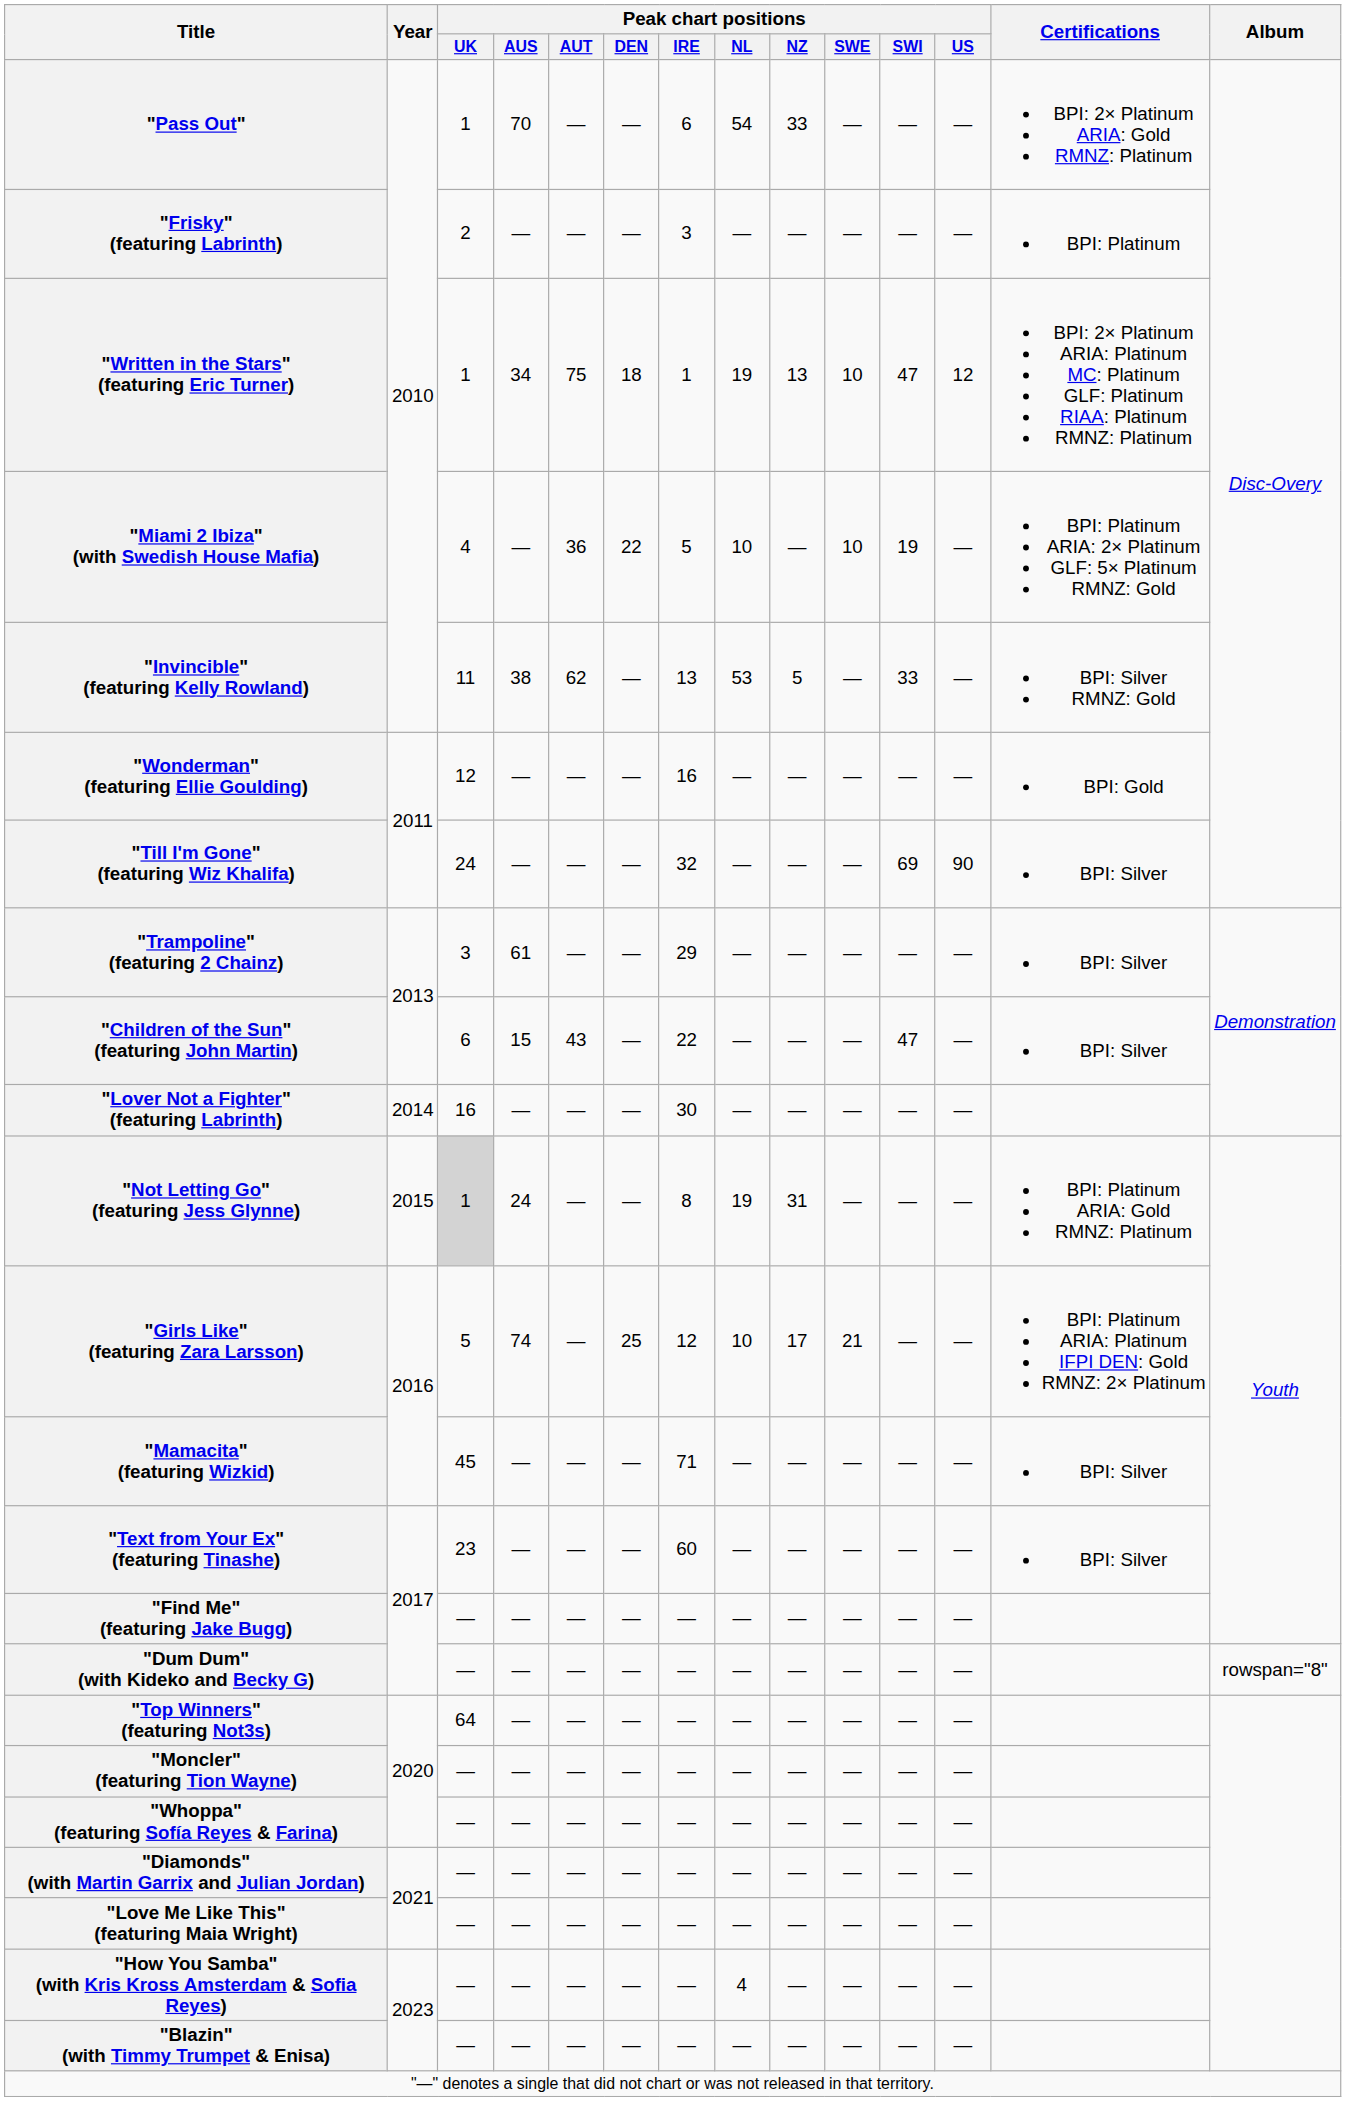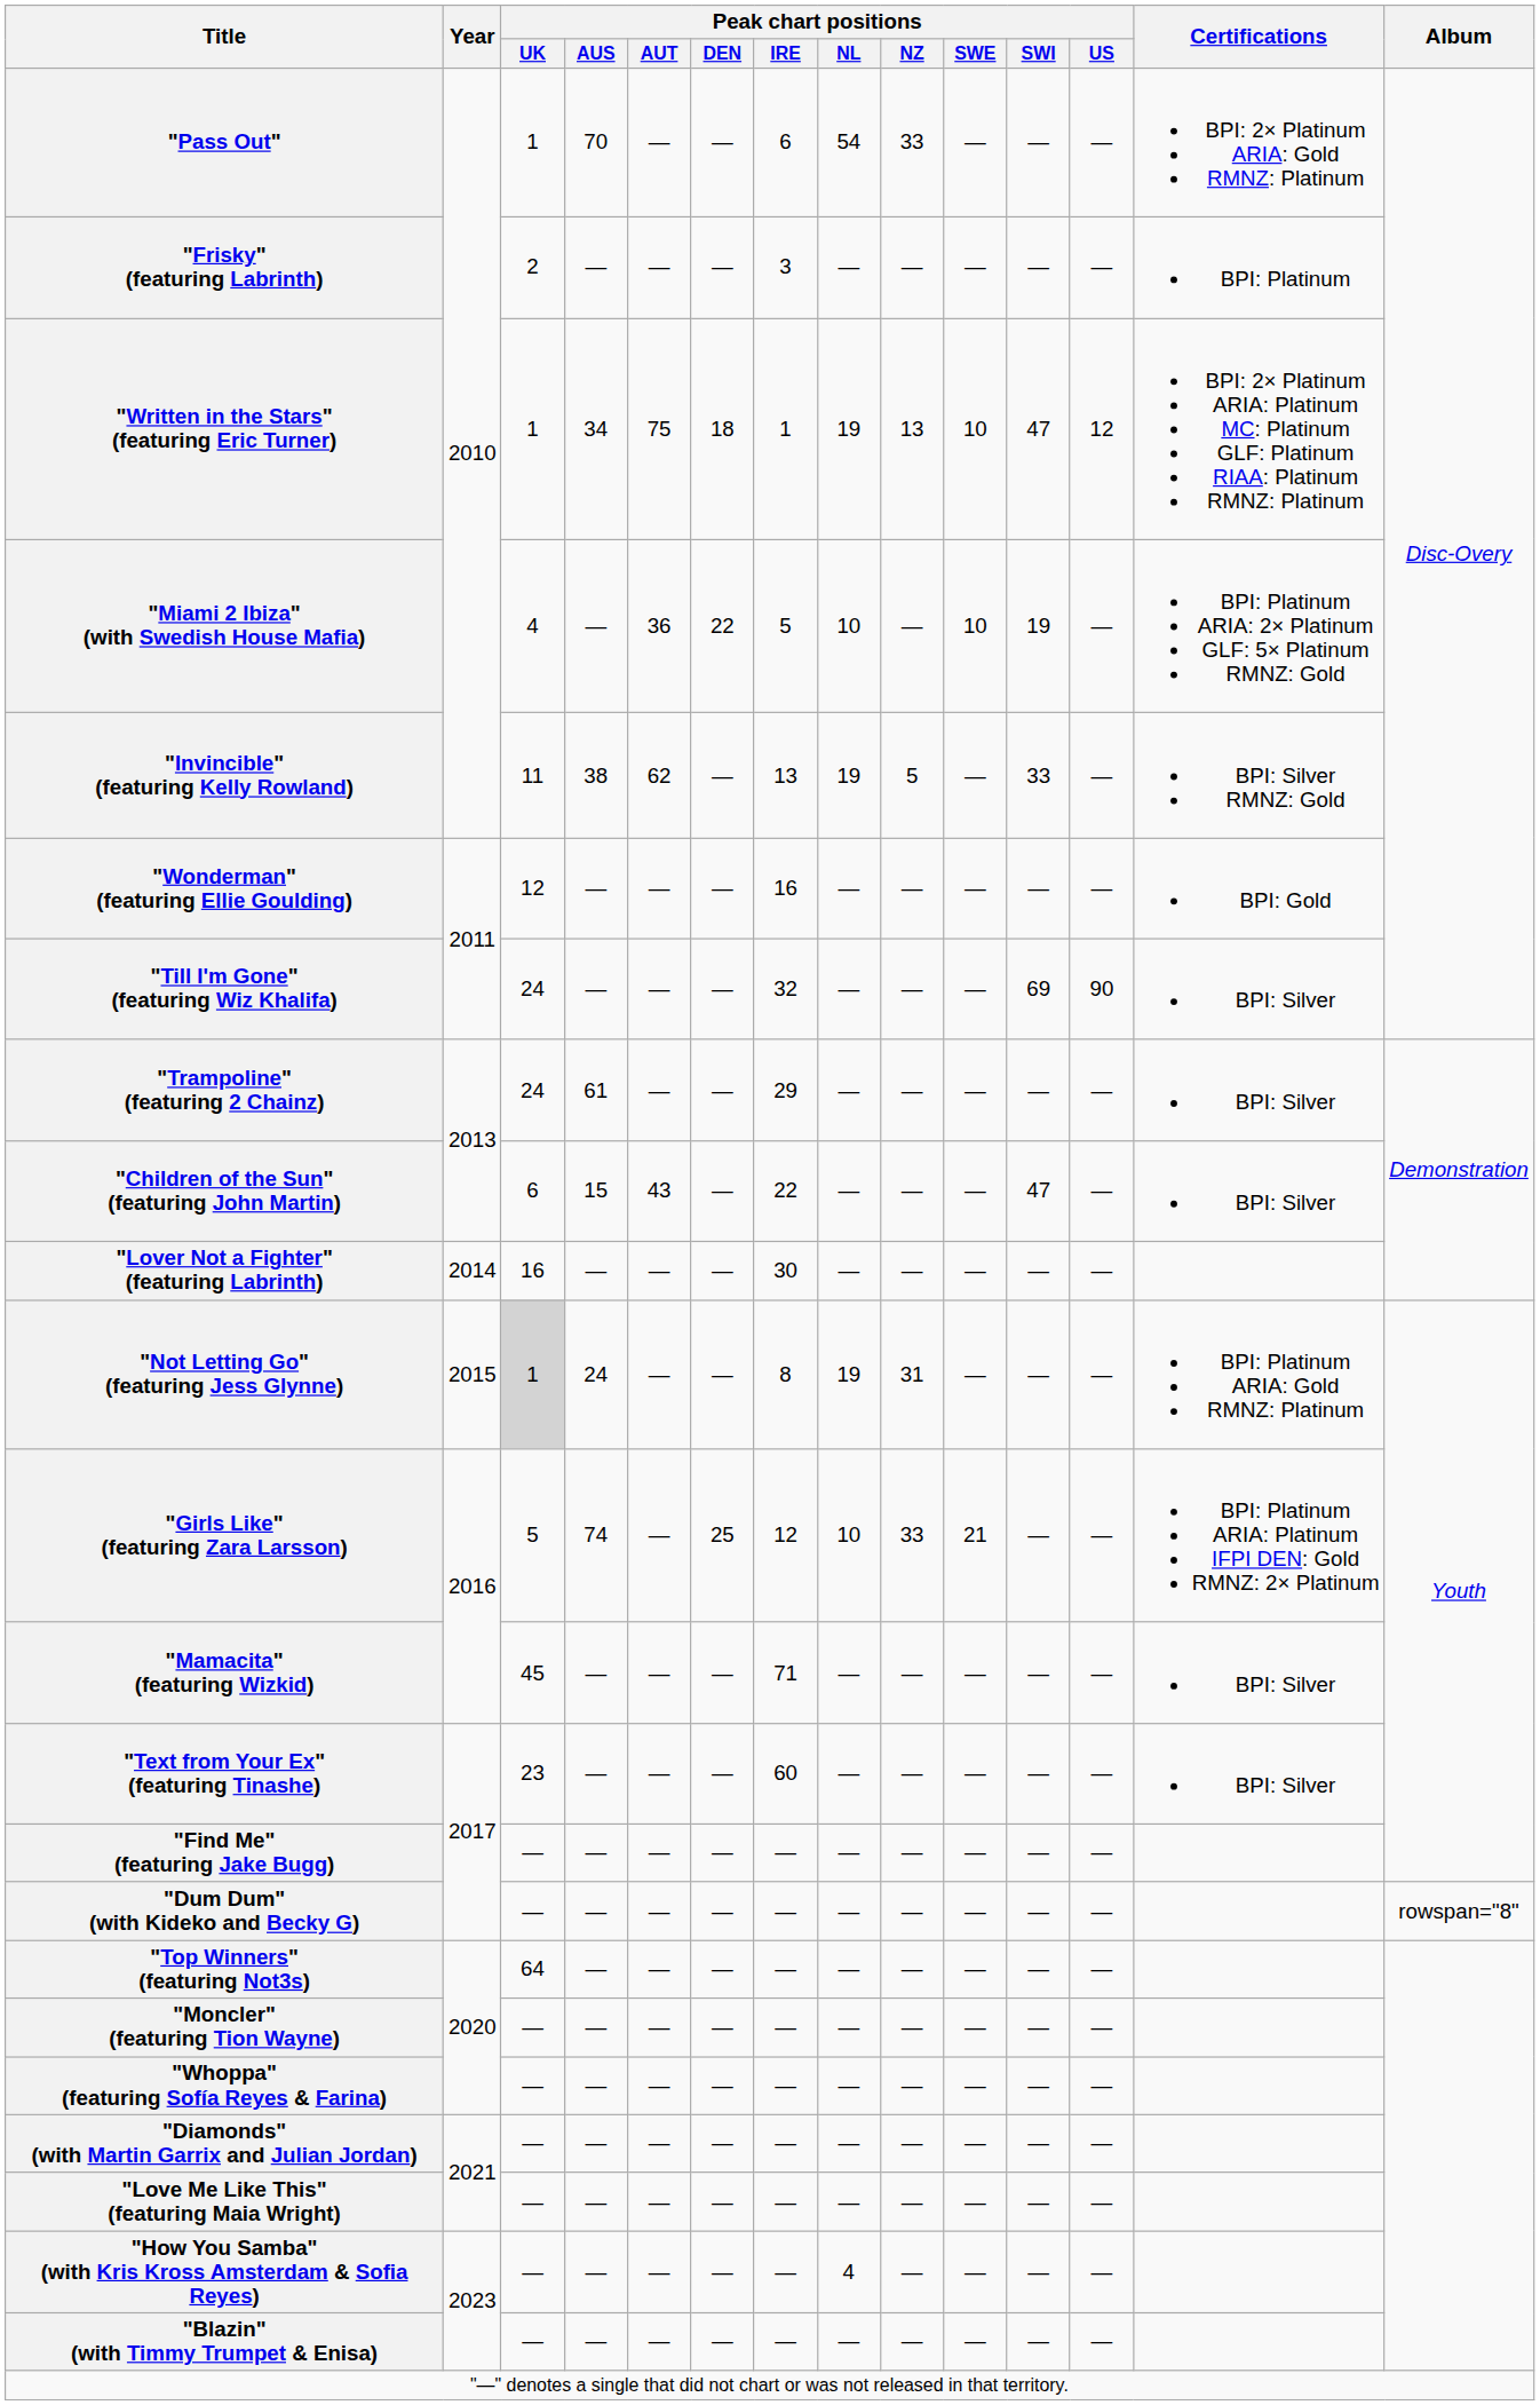 <table class="wikitable plainrowheaders" style="text-align:center;" border="1">
 <tr>
 <th scope="col" rowspan="2" style="width:20em;">Title</th>
 <th scope="col" rowspan="2" style="width:1em;">Year</th>
 <th scope="col" colspan="10">Peak chart positions</th>
 <th scope="col" rowspan="2"><a href='#'>Certifications</a></th>
 <th scope="col" rowspan="2">Album</th>
 </tr>
 <tr>
 <th scope="col" style="width:3em;font-size:85%;"><a href='#'>UK</a><br></th>
 <th scope="col" style="width:3em;font-size:85%;"><a href='#'>AUS</a><br></th>
 <th scope="col" style="width:3em;font-size:85%;"><a href='#'>AUT</a><br></th>
 <th scope="col" style="width:3em;font-size:85%;"><a href='#'>DEN</a><br></th>
 <th scope="col" style="width:3em;font-size:85%;"><a href='#'>IRE</a><br></th>
 <th scope="col" style="width:3em;font-size:85%;"><a href='#'>NL</a><br></th>
 <th scope="col" style="width:3em;font-size:85%;"><a href='#'>NZ</a><br></th>
 <th scope="col" style="width:3em;font-size:85%;"><a href='#'>SWE</a><br></th>
 <th scope="col" style="width:3em;font-size:85%;"><a href='#'>SWI</a><br></th>
 <th scope="col" style="width:3em;font-size:85%;"><a href='#'>US</a><br></th>
 </tr>
 <tr>
 <th scope="row">"<a href='#'>Pass Out</a>"</th>
 <td rowspan="5">2010</td>
 <td>1</td>
 <td>70</td>
 <td>—</td>
 <td>—</td>
 <td>6</td>
 <td>54</td>
 <td>33</td>
 <td>—</td>
 <td>—</td>
 <td>—</td>
 <td><br><ul><li>BPI: 2× Platinum</li><li><a href='#'>ARIA</a>: Gold</li><li><a href='#'>RMNZ</a>: Platinum</li></ul></td>
 <td rowspan="7"><em><a href='#'>Disc-Overy</a></em></td>
 </tr>
 <tr>
 <th scope="row">"<a href='#'>Frisky</a>"<br><span>(featuring <a href='#'>Labrinth</a>)</span></th>
 <td>2</td>
 <td>—</td>
 <td>—</td>
 <td>—</td>
 <td>3</td>
 <td>—</td>
 <td>—</td>
 <td>—</td>
 <td>—</td>
 <td>—</td>
 <td><br><ul><li>BPI: Platinum</li></ul></td>
 </tr>
 <tr>
 <th scope="row">"<a href='#'>Written in the Stars</a>"<br><span>(featuring <a href='#'>Eric Turner</a>)</span></th>
 <td>1</td>
 <td>34</td>
 <td>75</td>
 <td>18</td>
 <td>1</td>
 <td>19</td>
 <td>13</td>
 <td>10</td>
 <td>47</td>
 <td>12</td>
 <td><br><ul><li>BPI: 2× Platinum</li><li>ARIA: Platinum</li><li><a href='#'>MC</a>: Platinum</li><li>GLF: Platinum</li><li><a href='#'>RIAA</a>: Platinum</li><li>RMNZ: Platinum</li></ul></td>
 </tr>
 <tr>
 <th scope="row">"<a href='#'>Miami 2 Ibiza</a>"<br><span>(with <a href='#'>Swedish House Mafia</a>)</span></th>
 <td>4</td>
 <td>—</td>
 <td>36</td>
 <td>22</td>
 <td>5</td>
 <td>10</td>
 <td>—</td>
 <td>10</td>
 <td>19</td>
 <td>—</td>
 <td><br><ul><li>BPI: Platinum</li><li>ARIA: 2× Platinum</li><li>GLF: 5× Platinum</li><li>RMNZ: Gold</li></ul></td>
 </tr>
 <tr>
 <th scope="row">"<a href='#'>Invincible</a>"<br><span>(featuring <a href='#'>Kelly Rowland</a>)</span></th>
 <td>11</td>
 <td>38</td>
 <td>62</td>
 <td>—</td>
 <td>13</td>
-<td>53</td>
+<td>19</td>
 <td>5</td>
 <td>—</td>
 <td>33</td>
 <td>—</td>
 <td><br><ul><li>BPI: Silver</li><li>RMNZ: Gold</li></ul></td>
 </tr>
 <tr>
 <th scope="row">"<a href='#'>Wonderman</a>"<br><span>(featuring <a href='#'>Ellie Goulding</a>)</span></th>
 <td rowspan="2">2011</td>
 <td>12</td>
 <td>—</td>
 <td>—</td>
 <td>—</td>
 <td>16</td>
 <td>—</td>
 <td>—</td>
 <td>—</td>
 <td>—</td>
 <td>—</td>
 <td><br><ul><li>BPI: Gold</li></ul></td>
 </tr>
 <tr>
 <th scope="row">"<a href='#'>Till I'm Gone</a>"<br><span>(featuring <a href='#'>Wiz Khalifa</a>)</span></th>
 <td>24</td>
 <td>—</td>
 <td>—</td>
 <td>—</td>
 <td>32</td>
 <td>—</td>
 <td>—</td>
 <td>—</td>
 <td>69</td>
 <td>90</td>
 <td><br><ul><li>BPI: Silver</li></ul></td>
 </tr>
 <tr>
 <th scope="row">"<a href='#'>Trampoline</a>"<br><span>(featuring <a href='#'>2 Chainz</a>)</span></th>
 <td rowspan="2">2013</td>
-<td>3</td>
+<td>24</td>
 <td>61</td>
 <td>—</td>
 <td>—</td>
 <td>29</td>
 <td>—</td>
 <td>—</td>
 <td>—</td>
 <td>—</td>
 <td>—</td>
 <td><br><ul><li>BPI: Silver</li></ul></td>
 <td rowspan="3"><em><a href='#'>Demonstration</a></em></td>
 </tr>
 <tr>
 <th scope="row">"<a href='#'>Children of the Sun</a>"<br><span>(featuring <a href='#'>John Martin</a>)</span></th>
 <td>6</td>
 <td>15</td>
 <td>43</td>
 <td>—</td>
 <td>22</td>
 <td>—</td>
 <td>—</td>
 <td>—</td>
 <td>47</td>
 <td>—</td>
 <td><br><ul><li>BPI: Silver</li></ul></td>
 </tr>
 <tr>
 <th scope="row">"<a href='#'>Lover Not a Fighter</a>"<br><span>(featuring <a href='#'>Labrinth</a>)</span></th>
 <td>2014</td>
 <td>16</td>
 <td>—</td>
 <td>—</td>
 <td>—</td>
 <td>30</td>
 <td>—</td>
 <td>—</td>
 <td>—</td>
 <td>—</td>
 <td>—</td>
 <td></td>
 </tr>
 <tr>
 <th scope="row">"<a href='#'>Not Letting Go</a>"<br><span>(featuring <a href='#'>Jess Glynne</a>)</span></th>
 <td>2015</td>
 <td style="background: lightgrey;">1</td>
 <td>24</td>
 <td>—</td>
 <td>—</td>
 <td>8</td>
 <td>19</td>
 <td>31</td>
 <td>—</td>
 <td>—</td>
 <td>—</td>
 <td><br><ul><li>BPI: Platinum</li><li>ARIA: Gold</li><li>RMNZ: Platinum</li></ul></td>
 <td rowspan="5"><em><a href='#'>Youth</a></em></td>
 </tr>
 <tr>
 <th scope="row">"<a href='#'>Girls Like</a>"<br><span>(featuring <a href='#'>Zara Larsson</a>)</span></th>
 <td rowspan="2">2016</td>
 <td>5</td>
 <td>74</td>
 <td>—</td>
 <td>25</td>
 <td>12</td>
 <td>10</td>
-<td>17</td>
+<td>33</td>
 <td>21</td>
 <td>—</td>
 <td>—</td>
 <td><br><ul><li>BPI: Platinum</li><li>ARIA: Platinum</li><li><a href='#'>IFPI DEN</a>: Gold</li><li>RMNZ: 2× Platinum</li></ul></td>
 </tr>
 <tr>
 <th scope="row">"<a href='#'>Mamacita</a>"<br><span>(featuring <a href='#'>Wizkid</a>)</span></th>
 <td>45</td>
 <td>—</td>
 <td>—</td>
 <td>—</td>
 <td>71</td>
 <td>—</td>
 <td>—</td>
 <td>—</td>
 <td>—</td>
 <td>—</td>
 <td><br><ul><li>BPI: Silver</li></ul></td>
 </tr>
 <tr>
 <th scope="row">"<a href='#'>Text from Your Ex</a>"<br><span>(featuring <a href='#'>Tinashe</a>)</span></th>
 <td rowspan="3">2017</td>
 <td>23</td>
 <td>—</td>
 <td>—</td>
 <td>—</td>
 <td>60</td>
 <td>—</td>
 <td>—</td>
 <td>—</td>
 <td>—</td>
 <td>—</td>
 <td><br><ul><li>BPI: Silver</li></ul></td>
 </tr>
 <tr>
 <th scope="row">"Find Me"<br><span>(featuring <a href='#'>Jake Bugg</a>)</span></th>
 <td>—</td>
 <td>—</td>
 <td>—</td>
 <td>—</td>
 <td>—</td>
 <td>—</td>
 <td>—</td>
 <td>—</td>
 <td>—</td>
 <td>—</td>
 <td></td>
 </tr>
 <tr>
 <th scope="row">"Dum Dum"<br><span>(with Kideko and <a href='#'>Becky G</a>)</span></th>
 <td>—</td>
 <td>—</td>
 <td>—</td>
 <td>—</td>
 <td>—</td>
 <td>—</td>
 <td>—</td>
 <td>—</td>
 <td>—</td>
 <td>—</td>
 <td></td>
 <td>rowspan="8" </td>
 </tr>
 <tr>
 <th scope="row">"<a href='#'>Top Winners</a>"<br><span>(featuring <a href='#'>Not3s</a>)</span></th>
 <td rowspan="3">2020</td>
 <td>64</td>
 <td>—</td>
 <td>—</td>
 <td>—</td>
 <td>—</td>
 <td>—</td>
 <td>—</td>
 <td>—</td>
 <td>—</td>
 <td>—</td>
 <td></td>
 </tr>
 <tr>
 <th scope="row">"Moncler"<br><span>(featuring <a href='#'>Tion Wayne</a>)</span></th>
 <td>—</td>
 <td>—</td>
 <td>—</td>
 <td>—</td>
 <td>—</td>
 <td>—</td>
 <td>—</td>
 <td>—</td>
 <td>—</td>
 <td>—</td>
 <td></td>
 </tr>
 <tr>
 <th scope="row">"Whoppa"<br><span>(featuring <a href='#'>Sofía Reyes</a> & <a href='#'>Farina</a>)</span></th>
 <td>—</td>
 <td>—</td>
 <td>—</td>
 <td>—</td>
 <td>—</td>
 <td>—</td>
 <td>—</td>
 <td>—</td>
 <td>—</td>
 <td>—</td>
 <td></td>
 </tr>
 <tr>
 <th scope="row">"Diamonds"<br><span>(with <a href='#'>Martin Garrix</a> and <a href='#'>Julian Jordan</a>)</span></th>
 <td rowspan="2">2021</td>
 <td>—</td>
 <td>—</td>
 <td>—</td>
 <td>—</td>
 <td>—</td>
 <td>—</td>
 <td>—</td>
 <td>—</td>
 <td>—</td>
 <td>—</td>
 <td></td>
 </tr>
 <tr>
 <th scope="row">"Love Me Like This"<br><span>(featuring Maia Wright)</span></th>
 <td>—</td>
 <td>—</td>
 <td>—</td>
 <td>—</td>
 <td>—</td>
 <td>—</td>
 <td>—</td>
 <td>—</td>
 <td>—</td>
 <td>—</td>
 <td></td>
 </tr>
 <tr>
 <th scope="row">"How You Samba"<br><span>(with <a href='#'>Kris Kross Amsterdam</a> & <a href='#'>Sofia Reyes</a>)</span></th>
 <td rowspan="2">2023</td>
 <td>—</td>
 <td>—</td>
 <td>—</td>
 <td>—</td>
 <td>—</td>
 <td>4</td>
 <td>—</td>
 <td>—</td>
 <td>—</td>
 <td>—</td>
 <td></td>
 </tr>
 <tr>
 <th scope="row">"Blazin"<br><span>(with <a href='#'>Timmy Trumpet</a> & Enisa)</span></th>
 <td>—</td>
 <td>—</td>
 <td>—</td>
 <td>—</td>
 <td>—</td>
 <td>—</td>
 <td>—</td>
 <td>—</td>
 <td>—</td>
 <td>—</td>
 <td></td>
 </tr>
 <tr>
 <td colspan="18" style="font-size:85%">"—" denotes a single that did not chart or was not released in that territory.</td>
 </tr>
 </table>
